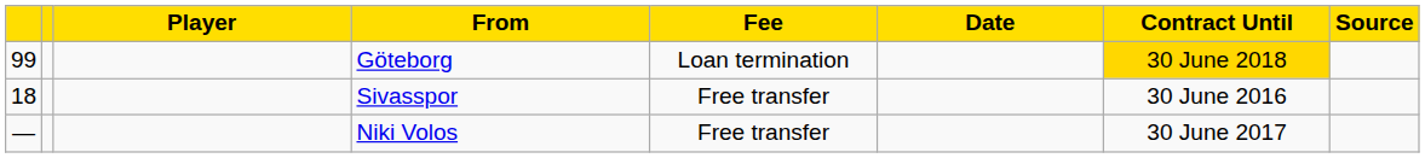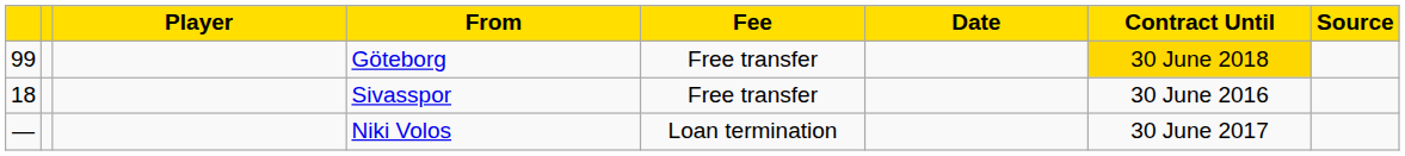 <table class="wikitable sortable">
 <tr>
 <th style="background:#FFDE00"></th>
 <th style="background:#FFDE00"></th>
 <th width=200 style="background:#FFDE00">Player</th>
 <th width=200 style="background:#FFDE00">From</th>
 <th width=150 style="background:#FFDE00">Fee</th>
 <th width=150 style="background:#FFDE00">Date</th>
 <th width=150 style="background:#FFDE00">Contract Until</th>
 <th style="background:#FFDE00">Source</th>
 </tr>
 <tr>
 <td align=center>99</td>
 <td align=center></td>
 <td></td>
 <td> <a href='#'>Göteborg</a></td>
-<td align=center>Loan termination</td>
+<td align=center>Free transfer</td>
 <td align=center></td>
 <td align=center style="background: gold;">30 June 2018</td>
 <td align=center></td>
 </tr>
 <tr>
 <td align=center>18</td>
 <td align=center></td>
 <td></td>
 <td> <a href='#'>Sivasspor</a></td>
 <td align=center>Free transfer</td>
 <td align=center></td>
 <td align=center>30 June 2016</td>
 <td align=center></td>
 </tr>
 <tr>
 <td align=center>—</td>
 <td align=center></td>
 <td></td>
 <td> <a href='#'>Niki Volos</a></td>
-<td align=center>Free transfer</td>
+<td align=center>Loan termination</td>
 <td align=center></td>
 <td align=center>30 June 2017</td>
 <td align=center></td>
 </tr>
 </table>
